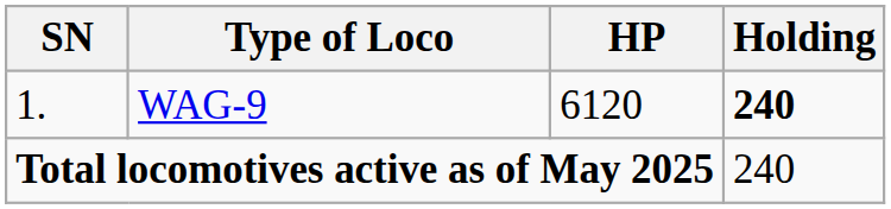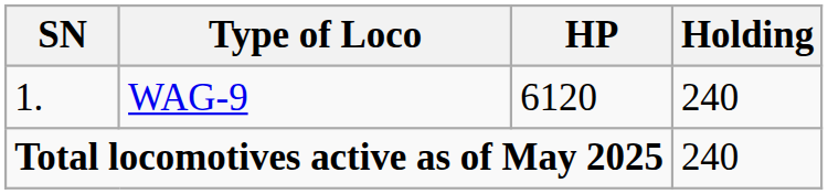 <table class="wikitable">
 <tr>
 <th>SN</th>
 <th>Type of Loco</th>
 <th>HP</th>
 <th>Holding</th>
 </tr>
 <tr>
 <td>1.</td>
 <td><a href='#'>WAG-9</a></td>
 <td>6120</td>
-<td><strong>240</strong></td>
+<td>240</td>
 </tr>
 <tr>
 <td colspan="3"><strong>Total locomotives active as of May 2025</strong></td>
 <td>240</td>
 </tr>
 </table>
